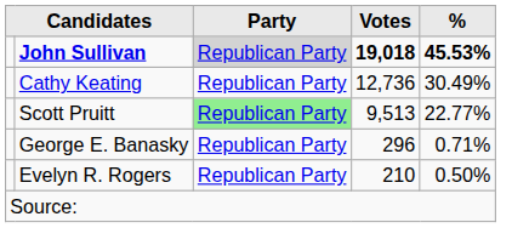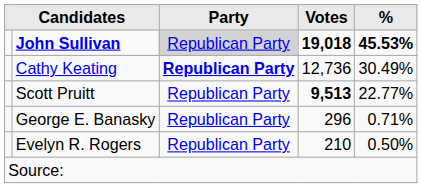 <table class=wikitable style="font-size:95%; text-align:right;">
 <tr>
 <th style="background:#e9e9e9; text-align:center;" colspan="2">Candidates</th>
 <th style="background:#e9e9e9; text-align:center;">Party</th>
 <th style="background:#e9e9e9; text-align:center;">Votes</th>
 <th style="background:#e9e9e9; text-align:center;">%</th>
 </tr>
 <tr>
 <td></td>
 <td align=left><strong><a href='#'>John Sullivan</a></strong></td>
 <td align=center style="background: lightgrey;"><a href='#'>Republican Party</a></td>
 <td><strong>19,018</strong></td>
 <td><strong>45.53%</strong></td>
 </tr>
 <tr>
 <td></td>
 <td align=left><a href='#'>Cathy Keating</a></td>
-<td align=center><a href='#'>Republican Party</a></td>
+<td align=center><strong><a href='#'>Republican Party</a></strong></td>
 <td>12,736</td>
 <td>30.49%</td>
 </tr>
 <tr>
 <td></td>
 <td align=left>Scott Pruitt</td>
-<td align=center style="background: lightgreen;"><a href='#'>Republican Party</a></td>
-<td>9,513</td>
+<td align=center><a href='#'>Republican Party</a></td>
+<td><strong>9,513</strong></td>
 <td>22.77%</td>
 </tr>
 <tr>
 <td></td>
 <td align=left>George E. Banasky</td>
 <td align=center><a href='#'>Republican Party</a></td>
 <td>296</td>
 <td>0.71%</td>
 </tr>
 <tr>
 <td></td>
 <td align=left>Evelyn R. Rogers</td>
 <td align=center><a href='#'>Republican Party</a></td>
 <td>210</td>
 <td>0.50%</td>
 </tr>
 <tr>
 <td style="text-align:left;" colspan="6">Source:</td>
 </tr>
 </table>
